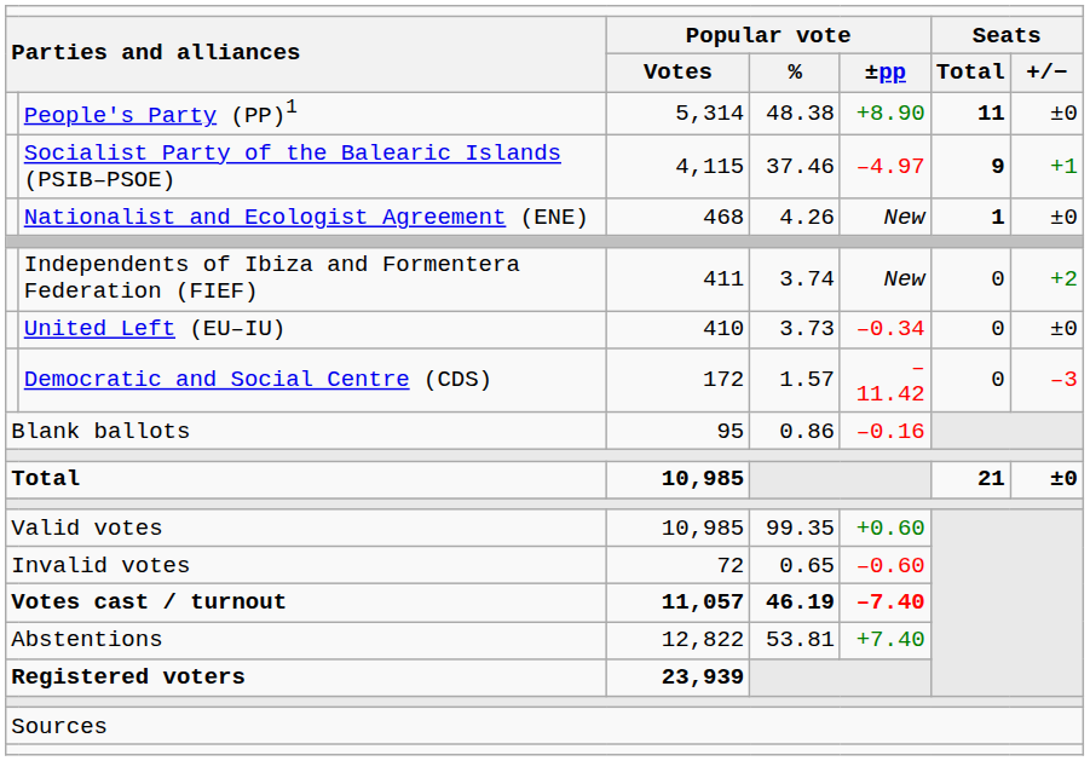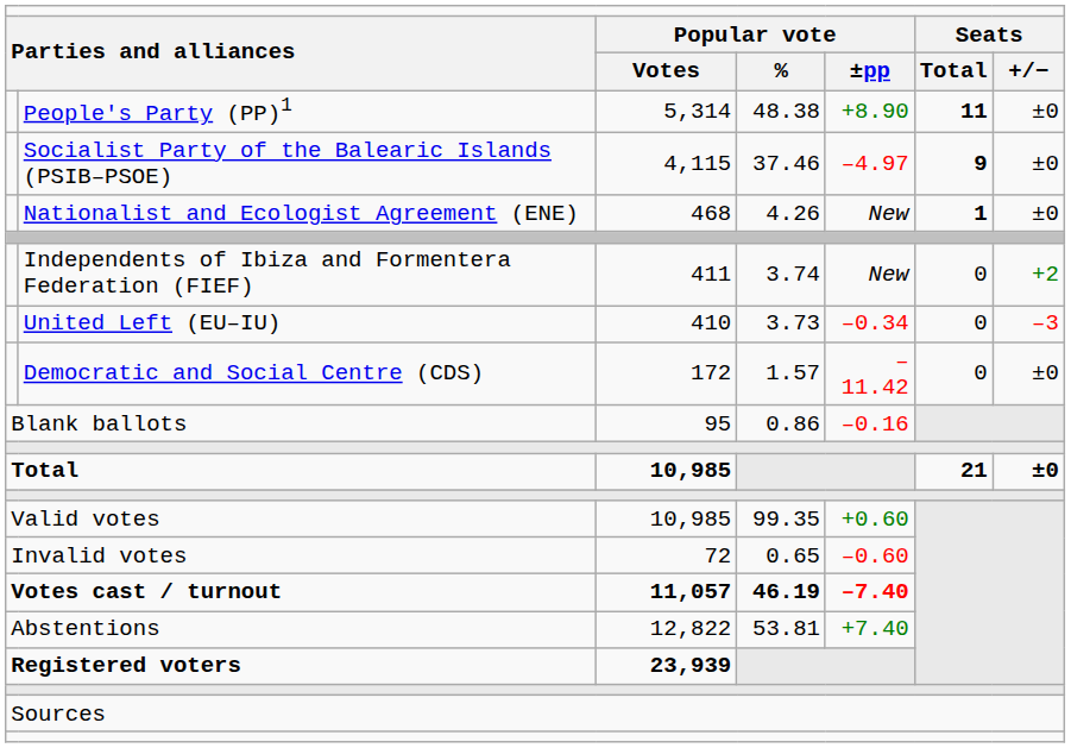 <table class="wikitable" style="text-align:right;">
 <tr>
 <td colspan="7"></td>
 </tr>
 <tr>
 <th style="text-align:left;" rowspan="2" colspan="2" width="525">Parties and alliances</th>
 <th colspan="3">Popular vote</th>
 <th colspan="2">Seats</th>
 </tr>
 <tr>
 <th width="75">Votes</th>
 <th width="45">%</th>
 <th width="45">±<a href='#'>pp</a></th>
 <th width="35">Total</th>
 <th width="35">+/−</th>
 </tr>
 <tr>
 <td width="1" style="color:inherit;background:"></td>
 <td align="left"><a href='#'>People's Party</a> (PP)<sup>1</sup></td>
 <td>5,314</td>
 <td>48.38</td>
 <td style="color:green;">+8.90</td>
 <td><strong>11</strong></td>
 <td>±0</td>
 </tr>
 <tr>
 <td style="color:inherit;background:"></td>
 <td align="left"><a href='#'>Socialist Party of the Balearic Islands</a> (PSIB–PSOE)</td>
 <td>4,115</td>
 <td>37.46</td>
 <td style="color:red;">–4.97</td>
 <td><strong>9</strong></td>
-<td style="color:green;">+1</td>
+<td>±0</td>
 </tr>
 <tr>
 <td style="color:inherit;background:"></td>
 <td align="left"><a href='#'>Nationalist and Ecologist Agreement</a> (ENE)</td>
 <td>468</td>
 <td>4.26</td>
 <td><em>New</em></td>
 <td><strong>1</strong></td>
 <td>±0</td>
 </tr>
 <tr>
 <td colspan="7" bgcolor="#C0C0C0"></td>
 </tr>
 <tr>
 <td style="color:inherit;background:"></td>
 <td align="left">Independents of Ibiza and Formentera Federation (FIEF)</td>
 <td>411</td>
 <td>3.74</td>
 <td><em>New</em></td>
 <td>0</td>
 <td style="color:green;">+2</td>
 </tr>
 <tr>
 <td style="color:inherit;background:"></td>
 <td align="left"><a href='#'>United Left</a> (EU–IU)</td>
 <td>410</td>
 <td>3.73</td>
 <td style="color:red;">–0.34</td>
 <td>0</td>
-<td>±0</td>
+<td style="color:red;">–3</td>
 </tr>
 <tr>
 <td style="color:inherit;background:"></td>
 <td align="left"><a href='#'>Democratic and Social Centre</a> (CDS)</td>
 <td>172</td>
 <td>1.57</td>
 <td style="color:red;">–11.42</td>
 <td>0</td>
-<td style="color:red;">–3</td>
+<td>±0</td>
 </tr>
 <tr>
 <td align="left" colspan="2">Blank ballots</td>
 <td>95</td>
 <td>0.86</td>
 <td style="color:red;">–0.16</td>
 <td bgcolor="#E9E9E9" colspan="2"></td>
 </tr>
 <tr>
 <td colspan="7" bgcolor="#E9E9E9"></td>
 </tr>
 <tr style="font-weight:bold;">
 <td align="left" colspan="2">Total</td>
 <td>10,985</td>
 <td bgcolor="#E9E9E9" colspan="2"></td>
 <td>21</td>
 <td>±0</td>
 </tr>
 <tr>
 <td colspan="7" bgcolor="#E9E9E9"></td>
 </tr>
 <tr>
 <td align="left" colspan="2">Valid votes</td>
 <td>10,985</td>
 <td>99.35</td>
 <td style="color:green;">+0.60</td>
 <td bgcolor="#E9E9E9" colspan="2" rowspan="5"></td>
 </tr>
 <tr>
 <td align="left" colspan="2">Invalid votes</td>
 <td>72</td>
 <td>0.65</td>
 <td style="color:red;">–0.60</td>
 </tr>
 <tr style="font-weight:bold;">
 <td align="left" colspan="2">Votes cast / turnout</td>
 <td>11,057</td>
 <td>46.19</td>
 <td style="color:red;">–7.40</td>
 </tr>
 <tr>
 <td align="left" colspan="2">Abstentions</td>
 <td>12,822</td>
 <td>53.81</td>
 <td style="color:green;">+7.40</td>
 </tr>
 <tr style="font-weight:bold;">
 <td align="left" colspan="2">Registered voters</td>
 <td>23,939</td>
 <td bgcolor="#E9E9E9" colspan="2"></td>
 </tr>
 <tr>
 <td colspan="7" bgcolor="#E9E9E9"></td>
 </tr>
 <tr>
 <td align="left" colspan="7">Sources</td>
 </tr>
 <tr>
 <td colspan="7" style="text-align:left; max-width:790px;"></td>
 </tr>
 </table>
